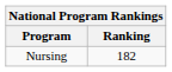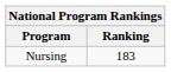 <table class="wikitable sortable collapsible collapsed" style="float:right; clear:right; text-align:center">
 <tr>
 <th colspan=4>National Program Rankings</th>
 </tr>
 <tr>
 <th>Program</th>
 <th>Ranking</th>
 </tr>
 <tr>
 <td>Nursing</td>
-<td>182</td>
+<td>183</td>
 </tr>
 </table>
